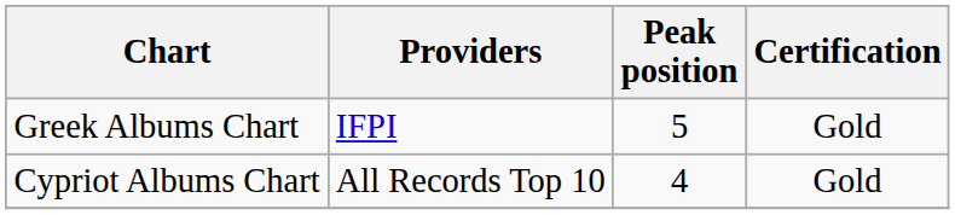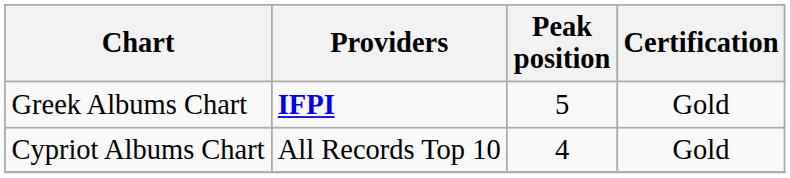 <table class="wikitable">
 <tr style="background:#ebf5ff;">
 <th align="left">Chart</th>
 <th align="left">Providers</th>
 <th align="left">Peak<br>position</th>
 <th align="left">Certification</th>
 </tr>
 <tr>
 <td align="left">Greek Albums Chart</td>
-<td align="left"><a href='#'>IFPI</a></td>
+<td align="left"><strong><a href='#'>IFPI</a></strong></td>
 <td style="text-align:center;">5</td>
 <td align="center">Gold</td>
 </tr>
 <tr>
 <td align="left">Cypriot Albums Chart</td>
 <td align="left">All Records Top 10</td>
 <td style="text-align:center;">4</td>
 <td align="center">Gold</td>
 </tr>
 <tr>
 </tr>
 </table>
